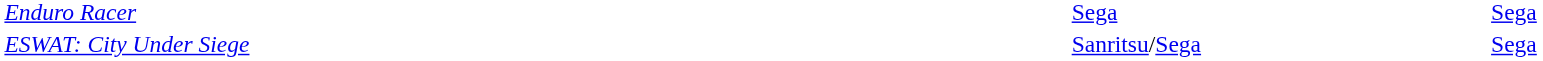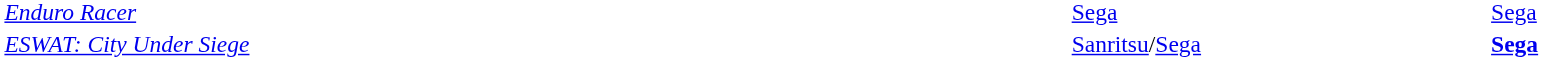 <table style="width:100%;">
 <tr>
 <td style="width:46%;"><em><a href='#'>Enduro Racer</a></em></td>
 <td style="width:18%;"><a href='#'>Sega</a></td>
 <td style="width:18%;"><a href='#'>Sega</a></td>
 <td style="width:18%;"></td>
 </tr>
 <tr>
 <td><em><a href='#'>ESWAT: City Under Siege</a></em></td>
 <td><a href='#'>Sanritsu</a>/<a href='#'>Sega</a></td>
-<td><a href='#'>Sega</a></td>
+<td><strong><a href='#'>Sega</a></strong></td>
 <td></td>
 </tr>
 </table>
